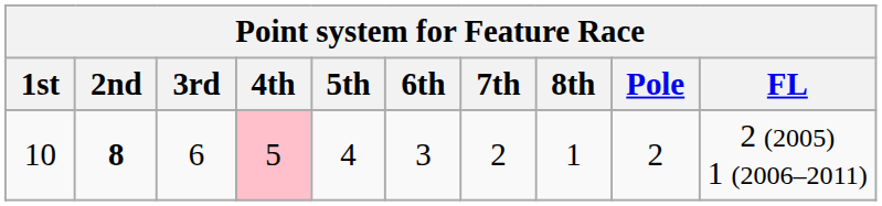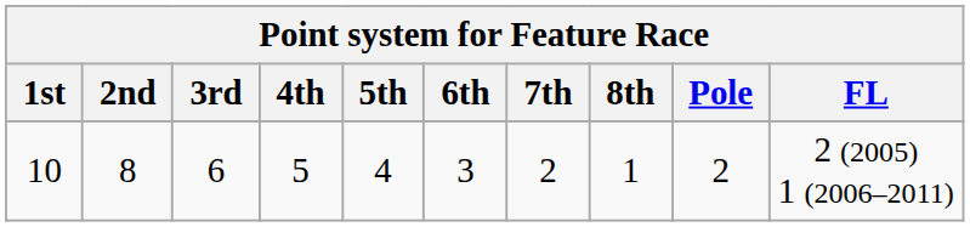 <table class="wikitable" style="font-size:95%; text-align:center">
 <tr>
 <th colspan="10">Point system for Feature Race</th>
 </tr>
 <tr>
 <th> 1st </th>
 <th> 2nd </th>
 <th> 3rd </th>
 <th> 4th </th>
 <th> 5th </th>
 <th> 6th </th>
 <th> 7th </th>
 <th> 8th </th>
 <th> <strong><a href='#'>Pole</a></strong> </th>
 <th> <strong><a href='#'>FL</a></strong> </th>
 </tr>
 <tr>
 <td>10</td>
-<td><strong>8</strong></td>
+<td>8</td>
 <td>6</td>
-<td style="background: pink;">5</td>
+<td>5</td>
 <td>4</td>
 <td>3</td>
 <td>2</td>
 <td>1</td>
 <td>2</td>
 <td>2 <small>(2005)</small><br>1 <small>(2006–2011)</small></td>
 </tr>
 </table>
